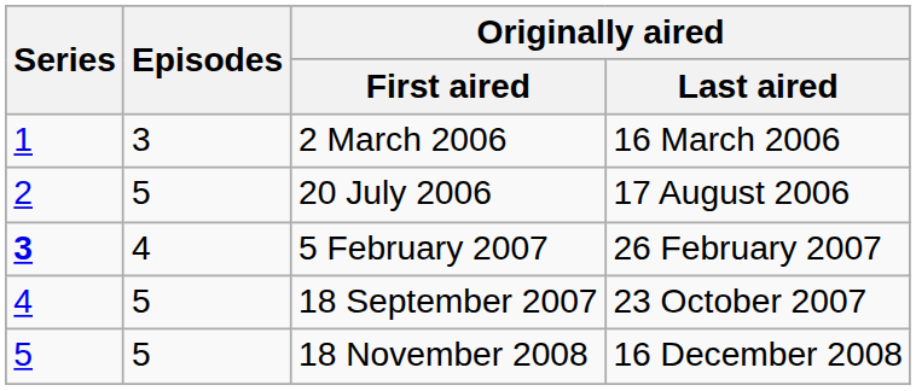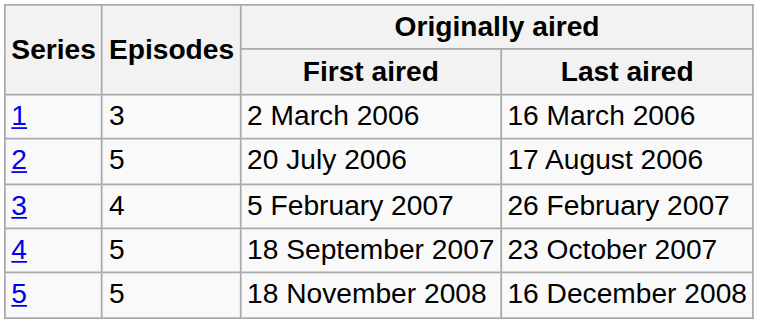 <table class="wikitable">
 <tr>
 <th rowspan="2">Series</th>
 <th rowspan="2">Episodes</th>
 <th colspan="2">Originally aired</th>
 </tr>
 <tr>
 <th>First aired</th>
 <th>Last aired</th>
 </tr>
 <tr>
 <td><a href='#'>1</a></td>
 <td>3</td>
 <td>2 March 2006</td>
 <td>16 March 2006</td>
 </tr>
 <tr>
 <td><a href='#'>2</a></td>
 <td>5</td>
 <td>20 July 2006</td>
 <td>17 August 2006</td>
 </tr>
 <tr>
-<td><strong><a href='#'>3</a></strong></td>
+<td><a href='#'>3</a></td>
 <td>4</td>
 <td>5 February 2007</td>
 <td>26 February 2007</td>
 </tr>
 <tr>
 <td><a href='#'>4</a></td>
 <td>5</td>
 <td>18 September 2007</td>
 <td>23 October 2007</td>
 </tr>
 <tr>
 <td><a href='#'>5</a></td>
 <td>5</td>
 <td>18 November 2008</td>
 <td>16 December 2008</td>
 </tr>
 </table>
